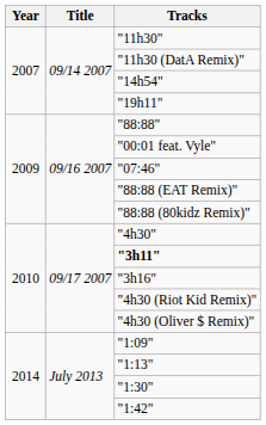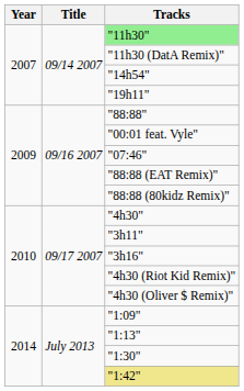 <table class="wikitable">
 <tr>
 <th align="center" valign="top" width="40">Year</th>
 <th align="left" valign="top">Title</th>
 <th align="left" valign="top">Tracks</th>
 </tr>
 <tr>
 <td align="center" valign="center"  rowspan="4">2007</td>
 <td align="left" valign="center"  rowspan="4"><em>09/14 2007</em></td>
-<td align="left" valign="top">"11h30"</td>
+<td align="left" valign="top" style="background: lightgreen;">"11h30"</td>
 </tr>
 <tr>
 <td align="left" valign="top">"11h30 (DatA Remix)"</td>
 </tr>
 <tr>
 <td align="left" valign="top">"14h54"</td>
 </tr>
 <tr>
 <td align="left" valign="top">"19h11"</td>
 </tr>
 <tr>
 <td align="center" valign="center"  rowspan="5">2009</td>
 <td align="left" valign="center"  rowspan="5"><em>09/16 2007</em></td>
 <td align="left" valign="top">"88:88"</td>
 </tr>
 <tr>
 <td align="left" valign="top">"00:01 feat. Vyle"</td>
 </tr>
 <tr>
 <td align="left" valign="top">"07:46"</td>
 </tr>
 <tr>
 <td align="left" valign="top">"88:88 (EAT Remix)"</td>
 </tr>
 <tr>
 <td align="left" valign="top">"88:88 (80kidz Remix)"</td>
 </tr>
 <tr>
 <td align="center" valign="center"  rowspan="5">2010</td>
 <td align="left" valign="center"  rowspan="5"><em>09/17 2007</em></td>
 <td align="left" valign="top">"4h30"</td>
 </tr>
 <tr>
-<td align="left" valign="top"><strong>"3h11"</strong></td>
+<td align="left" valign="top">"3h11"</td>
 </tr>
 <tr>
 <td align="left" valign="top">"3h16"</td>
 </tr>
 <tr>
 <td align="left" valign="top">"4h30 (Riot Kid Remix)"</td>
 </tr>
 <tr>
 <td align="left" valign="top">"4h30 (Oliver $ Remix)"</td>
 </tr>
 <tr>
 <td align="center" valign="center"  rowspan="4">2014</td>
 <td align="left" valign="center"  rowspan="4"><em>July 2013</em></td>
 <td align="left" valign="top">"1:09"</td>
 </tr>
 <tr>
 <td align="left" valign="top">"1:13"</td>
 </tr>
 <tr>
 <td align="left" valign="top">"1:30"</td>
 </tr>
 <tr>
-<td align="left" valign="top">"1:42"</td>
+<td align="left" valign="top" style="background: khaki;">"1:42"</td>
 </tr>
 </table>
